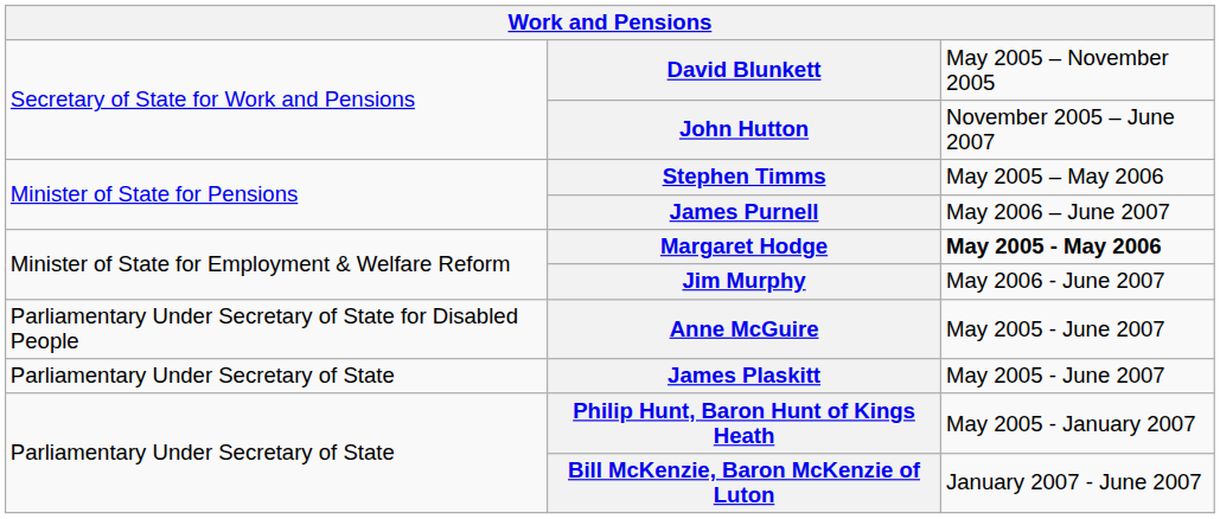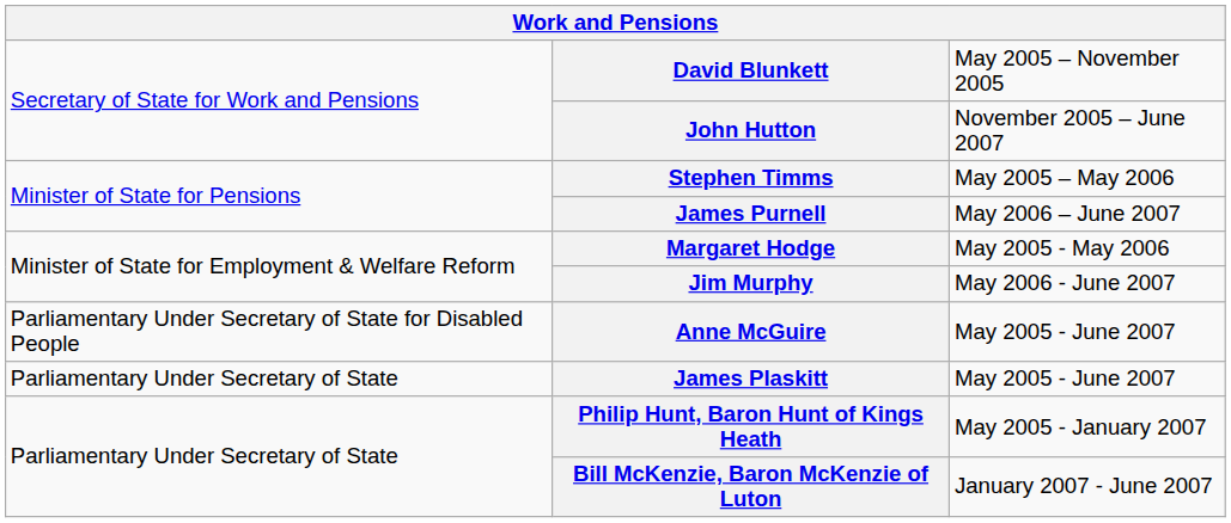 <table class="wikitable plainrowheaders" width=100% style="max-width:55em;">
 <tr>
 <th colspan=4><a href='#'>Work and Pensions</a></th>
 </tr>
 <tr>
 <td rowspan="2"><a href='#'>Secretary of State for Work and Pensions</a></td>
 <th scope="row" style="font-weight:bold;"><a href='#'>David Blunkett</a></th>
 <td>May 2005 – November 2005</td>
 </tr>
 <tr>
 <th scope="row" style="font-weight:bold;"><a href='#'>John Hutton</a></th>
 <td>November 2005 – June 2007</td>
 </tr>
 <tr>
 <td rowspan="2"><a href='#'>Minister of State for Pensions</a></td>
 <th scope="row"><a href='#'>Stephen Timms</a></th>
 <td>May 2005 – May 2006</td>
 </tr>
 <tr>
 <th scope="row"><a href='#'>James Purnell</a></th>
 <td>May 2006 – June 2007</td>
 </tr>
 <tr>
 <td rowspan="2">Minister of State for Employment & Welfare Reform</td>
 <th scope="row"><a href='#'>Margaret Hodge</a></th>
-<td><strong>May 2005 - May 2006</strong></td>
+<td>May 2005 - May 2006</td>
 </tr>
 <tr>
 <th scope="row"><a href='#'>Jim Murphy</a></th>
 <td>May 2006 - June 2007</td>
 </tr>
 <tr>
 <td>Parliamentary Under Secretary of State for Disabled People</td>
 <th scope="row"><a href='#'>Anne McGuire</a></th>
 <td>May 2005 - June 2007</td>
 </tr>
 <tr>
 <td>Parliamentary Under Secretary of State</td>
 <th scope="row"><a href='#'>James Plaskitt</a></th>
 <td>May 2005 - June 2007</td>
 </tr>
 <tr>
 <td rowspan="2">Parliamentary Under Secretary of State</td>
 <th scope="row"><a href='#'>Philip Hunt, Baron Hunt of Kings Heath</a></th>
 <td>May 2005 - January 2007</td>
 </tr>
 <tr>
 <th scope="row"><a href='#'>Bill McKenzie, Baron McKenzie of Luton</a></th>
 <td>January 2007 - June 2007</td>
 </tr>
 </table>
